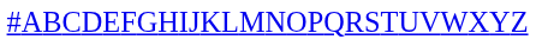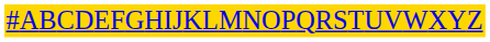 <table id="toc" class="toc" summary="Class">
 <tr>
 <th></th>
 </tr>
 <tr>
-<td style="text-align:center;"><a href='#'>#</a><a href='#'>A</a><a href='#'>B</a><a href='#'>C</a><a href='#'>D</a><a href='#'>E</a><a href='#'>F</a><a href='#'>G</a><a href='#'>H</a><a href='#'>I</a><a href='#'>J</a><a href='#'>K</a><a href='#'>L</a><a href='#'>M</a><a href='#'>N</a><a href='#'>O</a><a href='#'>P</a><a href='#'>Q</a><a href='#'>R</a><a href='#'>S</a><a href='#'>T</a><a href='#'>U</a><a href='#'>V</a><a href='#'>W</a><a href='#'>X</a><a href='#'>Y</a><a href='#'>Z</a></td>
+<td style="background: gold; text-align:center;"><a href='#'>#</a><a href='#'>A</a><a href='#'>B</a><a href='#'>C</a><a href='#'>D</a><a href='#'>E</a><a href='#'>F</a><a href='#'>G</a><a href='#'>H</a><a href='#'>I</a><a href='#'>J</a><a href='#'>K</a><a href='#'>L</a><a href='#'>M</a><a href='#'>N</a><a href='#'>O</a><a href='#'>P</a><a href='#'>Q</a><a href='#'>R</a><a href='#'>S</a><a href='#'>T</a><a href='#'>U</a><a href='#'>V</a><a href='#'>W</a><a href='#'>X</a><a href='#'>Y</a><a href='#'>Z</a></td>
 </tr>
 </table>
